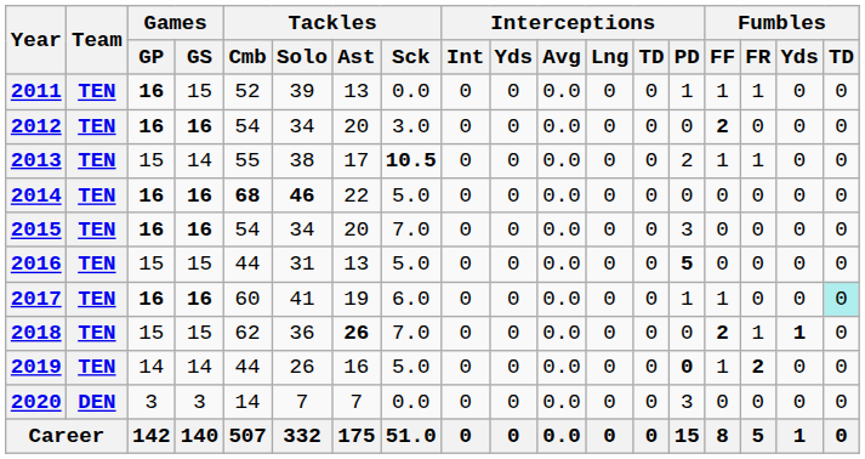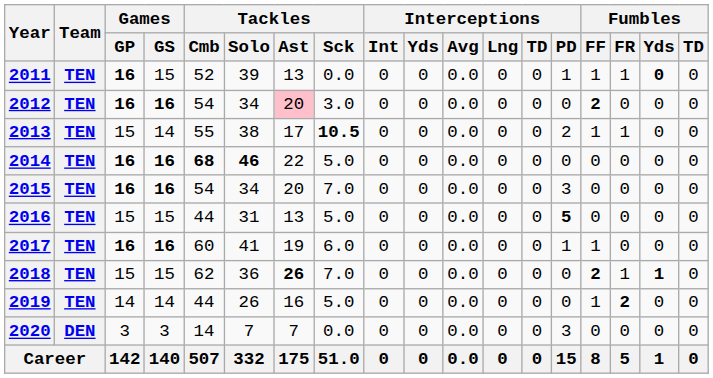 <table class="wikitable" style="text-align:center;">
 <tr>
 <th rowspan="2">Year</th>
 <th rowspan="2">Team</th>
 <th colspan="2">Games</th>
 <th colspan="4">Tackles</th>
 <th colspan="6">Interceptions</th>
 <th colspan="4">Fumbles</th>
 </tr>
 <tr>
 <th>GP</th>
 <th>GS</th>
 <th>Cmb</th>
 <th>Solo</th>
 <th>Ast</th>
 <th>Sck</th>
 <th>Int</th>
 <th>Yds</th>
 <th>Avg</th>
 <th>Lng</th>
 <th>TD</th>
 <th>PD</th>
 <th>FF</th>
 <th>FR</th>
 <th>Yds</th>
 <th>TD</th>
 </tr>
 <tr>
 <th><a href='#'>2011</a></th>
 <th><a href='#'>TEN</a></th>
 <td><strong>16</strong></td>
 <td>15</td>
 <td>52</td>
 <td>39</td>
 <td>13</td>
 <td>0.0</td>
 <td>0</td>
 <td>0</td>
 <td>0.0</td>
 <td>0</td>
 <td>0</td>
 <td>1</td>
 <td>1</td>
 <td>1</td>
-<td>0</td>
+<td><strong>0</strong></td>
 <td>0</td>
 </tr>
 <tr>
 <th><a href='#'>2012</a></th>
 <th><a href='#'>TEN</a></th>
 <td><strong>16</strong></td>
 <td><strong>16</strong></td>
 <td>54</td>
 <td>34</td>
-<td>20</td>
+<td style="background: pink;">20</td>
 <td>3.0</td>
 <td>0</td>
 <td>0</td>
 <td>0.0</td>
 <td>0</td>
 <td>0</td>
 <td>0</td>
 <td><strong>2</strong></td>
 <td>0</td>
 <td>0</td>
 <td>0</td>
 </tr>
 <tr>
 <th><a href='#'>2013</a></th>
 <th><a href='#'>TEN</a></th>
 <td>15</td>
 <td>14</td>
 <td>55</td>
 <td>38</td>
 <td>17</td>
 <td><strong>10.5</strong></td>
 <td>0</td>
 <td>0</td>
 <td>0.0</td>
 <td>0</td>
 <td>0</td>
 <td>2</td>
 <td>1</td>
 <td>1</td>
 <td>0</td>
 <td>0</td>
 </tr>
 <tr>
 <th><a href='#'>2014</a></th>
 <th><a href='#'>TEN</a></th>
 <td><strong>16</strong></td>
 <td><strong>16</strong></td>
 <td><strong>68</strong></td>
 <td><strong>46</strong></td>
 <td>22</td>
 <td>5.0</td>
 <td>0</td>
 <td>0</td>
 <td>0.0</td>
 <td>0</td>
 <td>0</td>
 <td>0</td>
 <td>0</td>
 <td>0</td>
 <td>0</td>
 <td>0</td>
 </tr>
 <tr>
 <th><a href='#'>2015</a></th>
 <th><a href='#'>TEN</a></th>
 <td><strong>16</strong></td>
 <td><strong>16</strong></td>
 <td>54</td>
 <td>34</td>
 <td>20</td>
 <td>7.0</td>
 <td>0</td>
 <td>0</td>
 <td>0.0</td>
 <td>0</td>
 <td>0</td>
 <td>3</td>
 <td>0</td>
 <td>0</td>
 <td>0</td>
 <td>0</td>
 </tr>
 <tr>
 <th><a href='#'>2016</a></th>
 <th><a href='#'>TEN</a></th>
 <td>15</td>
 <td>15</td>
 <td>44</td>
 <td>31</td>
 <td>13</td>
 <td>5.0</td>
 <td>0</td>
 <td>0</td>
 <td>0.0</td>
 <td>0</td>
 <td>0</td>
 <td><strong>5</strong></td>
 <td>0</td>
 <td>0</td>
 <td>0</td>
 <td>0</td>
 </tr>
 <tr>
 <th><a href='#'>2017</a></th>
 <th><a href='#'>TEN</a></th>
 <td><strong>16</strong></td>
 <td><strong>16</strong></td>
 <td>60</td>
 <td>41</td>
 <td>19</td>
 <td>6.0</td>
 <td>0</td>
 <td>0</td>
 <td>0.0</td>
 <td>0</td>
 <td>0</td>
 <td>1</td>
 <td>1</td>
 <td>0</td>
 <td>0</td>
-<td style="background: paleturquoise;">0</td>
+<td>0</td>
 </tr>
 <tr>
 <th><a href='#'>2018</a></th>
 <th><a href='#'>TEN</a></th>
 <td>15</td>
 <td>15</td>
 <td>62</td>
 <td>36</td>
 <td><strong>26</strong></td>
 <td>7.0</td>
 <td>0</td>
 <td>0</td>
 <td>0.0</td>
 <td>0</td>
 <td>0</td>
 <td>0</td>
 <td><strong>2</strong></td>
 <td>1</td>
 <td><strong>1</strong></td>
 <td>0</td>
 </tr>
 <tr>
 <th><a href='#'>2019</a></th>
 <th><a href='#'>TEN</a></th>
 <td>14</td>
 <td>14</td>
 <td>44</td>
 <td>26</td>
 <td>16</td>
 <td>5.0</td>
 <td>0</td>
 <td>0</td>
 <td>0.0</td>
 <td>0</td>
 <td>0</td>
-<td><strong>0</strong></td>
+<td>0</td>
 <td>1</td>
 <td><strong>2</strong></td>
 <td>0</td>
 <td>0</td>
 </tr>
 <tr>
 <th><a href='#'>2020</a></th>
 <th><a href='#'>DEN</a></th>
 <td>3</td>
 <td>3</td>
 <td>14</td>
 <td>7</td>
 <td>7</td>
 <td>0.0</td>
 <td>0</td>
 <td>0</td>
 <td>0.0</td>
 <td>0</td>
 <td>0</td>
 <td>3</td>
 <td>0</td>
 <td>0</td>
 <td>0</td>
 <td>0</td>
 </tr>
 <tr>
 <th colspan="2">Career</th>
 <th>142</th>
 <th>140</th>
 <th>507</th>
 <th>332</th>
 <th>175</th>
 <th>51.0</th>
 <th>0</th>
 <th>0</th>
 <th>0.0</th>
 <th>0</th>
 <th>0</th>
 <th>15</th>
 <th>8</th>
 <th>5</th>
 <th>1</th>
 <th>0</th>
 </tr>
 </table>
